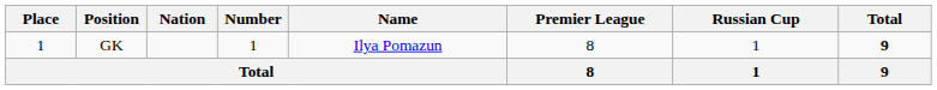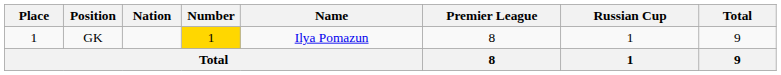 <table class="wikitable" style="font-size: 95%; text-align: center;">
 <tr>
 <th width=60>Place</th>
 <th width=60>Position</th>
 <th width=60>Nation</th>
 <th width=60>Number</th>
 <th width=200>Name</th>
 <th width=150>Premier League</th>
 <th width=150>Russian Cup</th>
 <th width=80>Total</th>
 </tr>
 <tr>
 <td>1</td>
 <td>GK</td>
 <td></td>
-<td>1</td>
+<td style="background: gold;">1</td>
 <td><a href='#'>Ilya Pomazun</a></td>
 <td>8</td>
 <td>1</td>
-<td><strong>9</strong></td>
+<td>9</td>
 </tr>
 <tr>
 <th colspan=5>Total</th>
 <th>8</th>
 <th>1</th>
 <th>9</th>
 </tr>
 </table>
